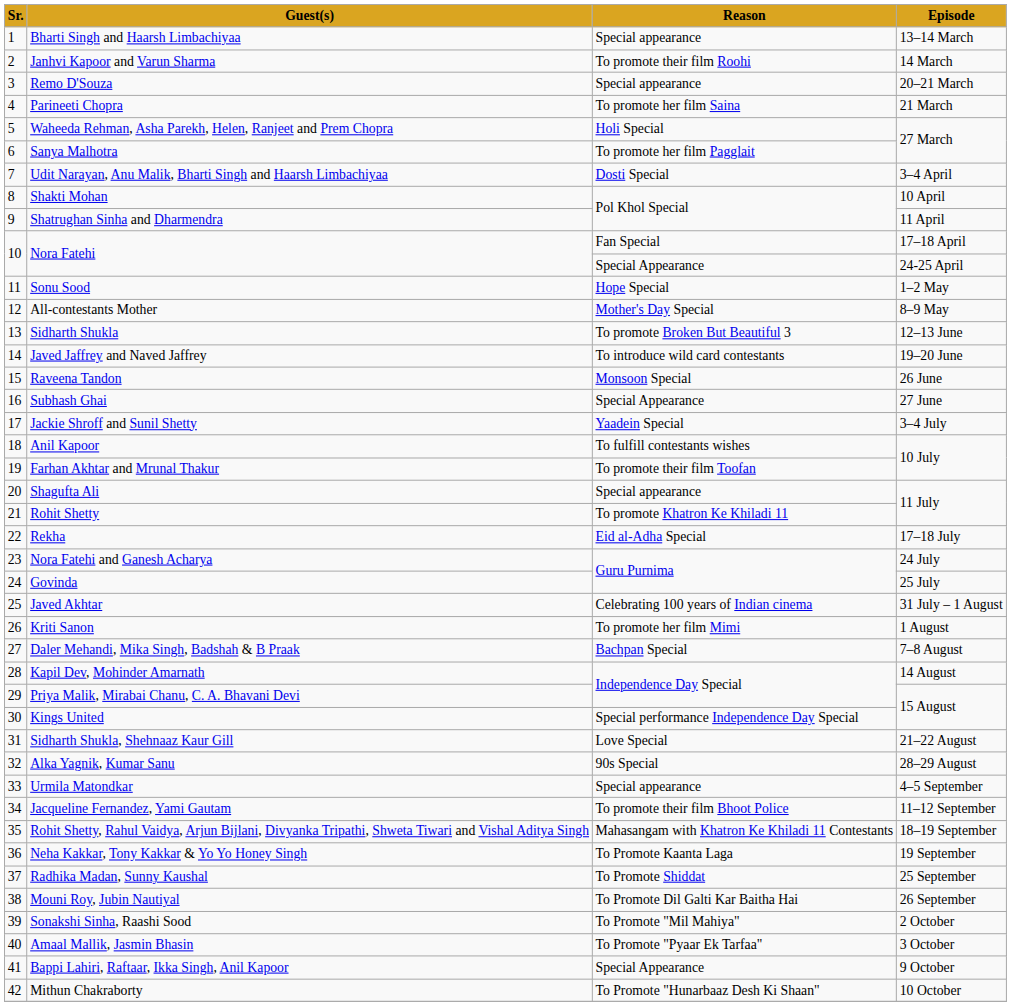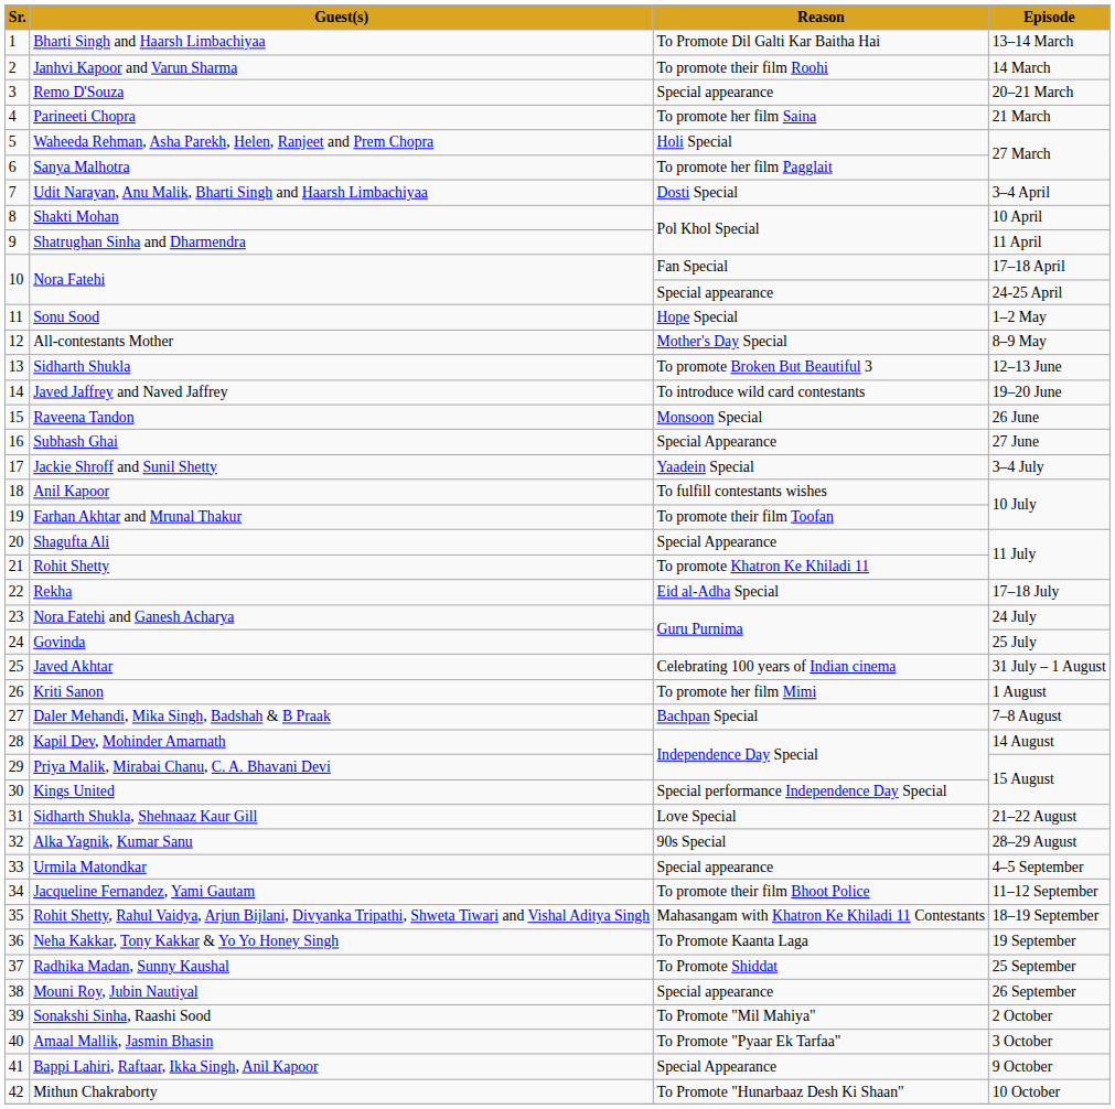 <table class="wikitable" style="font-size:85%;">
 <tr>
 <th style="background:#DAA520">Sr.</th>
 <th style="background:#DAA520">Guest(s)</th>
 <th style="background:#DAA520">Reason</th>
 <th style="background:#DAA520">Episode</th>
 </tr>
 <tr>
 <td>1</td>
 <td><a href='#'>Bharti Singh</a> and <a href='#'>Haarsh Limbachiyaa</a></td>
-<td>Special appearance</td>
+<td>To Promote Dil Galti Kar Baitha Hai</td>
 <td>13–14 March</td>
 </tr>
 <tr>
 <td>2</td>
 <td><a href='#'>Janhvi Kapoor</a> and <a href='#'>Varun Sharma</a></td>
 <td>To promote their film <a href='#'>Roohi</a></td>
 <td>14 March</td>
 </tr>
 <tr>
 <td>3</td>
 <td><a href='#'>Remo D'Souza</a></td>
 <td>Special appearance</td>
 <td>20–21 March</td>
 </tr>
 <tr>
 <td>4</td>
 <td><a href='#'>Parineeti Chopra</a></td>
 <td>To promote her film <a href='#'>Saina</a></td>
 <td>21 March</td>
 </tr>
 <tr>
 <td>5</td>
 <td><a href='#'>Waheeda Rehman</a>, <a href='#'>Asha Parekh</a>, <a href='#'>Helen</a>, <a href='#'>Ranjeet</a> and <a href='#'>Prem Chopra</a></td>
 <td><a href='#'>Holi</a> Special</td>
 <td rowspan=2>27 March</td>
 </tr>
 <tr>
 <td>6</td>
 <td><a href='#'>Sanya Malhotra</a></td>
 <td>To promote her film <a href='#'>Pagglait</a></td>
 </tr>
 <tr>
 <td>7</td>
 <td><a href='#'>Udit Narayan</a>, <a href='#'>Anu Malik</a>, <a href='#'>Bharti Singh</a> and <a href='#'>Haarsh Limbachiyaa</a></td>
 <td><a href='#'>Dosti</a> Special</td>
 <td>3–4 April</td>
 </tr>
 <tr>
 <td>8</td>
 <td><a href='#'>Shakti Mohan</a></td>
 <td rowspan=2>Pol Khol Special</td>
 <td>10 April</td>
 </tr>
 <tr>
 <td>9</td>
 <td><a href='#'>Shatrughan Sinha</a> and <a href='#'>Dharmendra</a></td>
 <td>11 April</td>
 </tr>
 <tr>
 <td rowspan="2">10</td>
 <td rowspan="2"><a href='#'>Nora Fatehi</a></td>
 <td>Fan Special</td>
 <td>17–18 April</td>
 </tr>
 <tr>
-<td>Special Appearance</td>
+<td>Special appearance</td>
 <td>24-25 April</td>
 </tr>
 <tr>
 <td>11</td>
 <td><a href='#'>Sonu Sood</a></td>
 <td><a href='#'>Hope</a> Special</td>
 <td>1–2 May</td>
 </tr>
 <tr>
 <td>12</td>
 <td>All-contestants Mother</td>
 <td><a href='#'>Mother's Day</a> Special</td>
 <td>8–9 May</td>
 </tr>
 <tr>
 <td>13</td>
 <td><a href='#'>Sidharth Shukla</a></td>
 <td>To promote <a href='#'>Broken But Beautiful</a> 3</td>
 <td>12–13 June</td>
 </tr>
 <tr>
 <td>14</td>
 <td><a href='#'>Javed Jaffrey</a> and Naved Jaffrey</td>
 <td>To introduce wild card contestants</td>
 <td>19–20 June</td>
 </tr>
 <tr>
 <td>15</td>
 <td><a href='#'>Raveena Tandon</a></td>
 <td><a href='#'>Monsoon</a> Special</td>
 <td>26 June</td>
 </tr>
 <tr>
 <td>16</td>
 <td><a href='#'>Subhash Ghai</a></td>
 <td>Special Appearance</td>
 <td>27 June</td>
 </tr>
 <tr>
 <td>17</td>
 <td><a href='#'>Jackie Shroff</a> and <a href='#'>Sunil Shetty</a></td>
 <td><a href='#'>Yaadein</a> Special</td>
 <td>3–4 July</td>
 </tr>
 <tr>
 <td>18</td>
 <td><a href='#'>Anil Kapoor</a></td>
 <td>To fulfill contestants wishes</td>
 <td rowspan=2>10 July</td>
 </tr>
 <tr>
 <td>19</td>
 <td><a href='#'>Farhan Akhtar</a> and <a href='#'>Mrunal Thakur</a></td>
 <td>To promote their film <a href='#'>Toofan</a></td>
 </tr>
 <tr>
 <td>20</td>
 <td><a href='#'>Shagufta Ali</a></td>
-<td>Special appearance</td>
+<td>Special Appearance</td>
 <td rowspan=2>11 July</td>
 </tr>
 <tr>
 <td>21</td>
 <td><a href='#'>Rohit Shetty</a></td>
 <td>To promote <a href='#'>Khatron Ke Khiladi 11</a></td>
 </tr>
 <tr>
 <td>22</td>
 <td><a href='#'>Rekha</a></td>
 <td><a href='#'>Eid al-Adha</a> Special</td>
 <td>17–18 July</td>
 </tr>
 <tr>
 <td>23</td>
 <td><a href='#'>Nora Fatehi</a> and <a href='#'>Ganesh Acharya</a></td>
 <td rowspan=2><a href='#'>Guru Purnima</a></td>
 <td>24 July</td>
 </tr>
 <tr>
 <td>24</td>
 <td><a href='#'>Govinda</a></td>
 <td>25 July</td>
 </tr>
 <tr>
 <td>25</td>
 <td><a href='#'>Javed Akhtar</a></td>
 <td>Celebrating 100 years of <a href='#'>Indian cinema</a></td>
 <td>31 July – 1 August</td>
 </tr>
 <tr>
 <td>26</td>
 <td><a href='#'>Kriti Sanon</a></td>
 <td>To promote her film <a href='#'>Mimi</a></td>
 <td>1 August</td>
 </tr>
 <tr>
 <td>27</td>
 <td><a href='#'>Daler Mehandi</a>, <a href='#'>Mika Singh</a>, <a href='#'>Badshah</a> & <a href='#'>B Praak</a></td>
 <td><a href='#'>Bachpan</a> Special</td>
 <td>7–8 August</td>
 </tr>
 <tr>
 <td>28</td>
 <td><a href='#'>Kapil Dev</a>, <a href='#'>Mohinder Amarnath</a></td>
 <td rowspan=2><a href='#'>Independence Day</a> Special</td>
 <td>14 August</td>
 </tr>
 <tr>
 <td>29</td>
 <td><a href='#'>Priya Malik</a>, <a href='#'>Mirabai Chanu</a>, <a href='#'>C. A. Bhavani Devi</a></td>
 <td rowspan=2>15 August</td>
 </tr>
 <tr>
 <td>30</td>
 <td><a href='#'>Kings United</a></td>
 <td>Special performance <a href='#'>Independence Day</a> Special</td>
 </tr>
 <tr>
 <td>31</td>
 <td><a href='#'>Sidharth Shukla</a>, <a href='#'>Shehnaaz Kaur Gill</a></td>
 <td>Love Special</td>
 <td>21–22 August</td>
 </tr>
 <tr>
 <td>32</td>
 <td><a href='#'>Alka Yagnik</a>, <a href='#'>Kumar Sanu</a></td>
 <td>90s Special</td>
 <td>28–29 August</td>
 </tr>
 <tr>
 <td>33</td>
 <td><a href='#'>Urmila Matondkar</a></td>
 <td>Special appearance</td>
 <td>4–5 September</td>
 </tr>
 <tr>
 <td>34</td>
 <td><a href='#'>Jacqueline Fernandez</a>, <a href='#'>Yami Gautam</a></td>
 <td>To promote their film <a href='#'>Bhoot Police</a></td>
 <td>11–12 September</td>
 </tr>
 <tr>
 <td>35</td>
 <td><a href='#'>Rohit Shetty</a>, <a href='#'>Rahul Vaidya</a>, <a href='#'>Arjun Bijlani</a>, <a href='#'>Divyanka Tripathi</a>, <a href='#'>Shweta Tiwari</a> and <a href='#'>Vishal Aditya Singh</a></td>
 <td>Mahasangam with <a href='#'>Khatron Ke Khiladi 11</a> Contestants</td>
 <td>18–19 September</td>
 </tr>
 <tr>
 <td>36</td>
 <td><a href='#'>Neha Kakkar</a>, <a href='#'>Tony Kakkar</a> & <a href='#'>Yo Yo Honey Singh</a></td>
 <td>To Promote Kaanta Laga</td>
 <td>19 September</td>
 </tr>
 <tr>
 <td>37</td>
 <td><a href='#'>Radhika Madan</a>, <a href='#'>Sunny Kaushal</a></td>
 <td>To Promote <a href='#'>Shiddat</a></td>
 <td>25 September</td>
 </tr>
 <tr>
 <td>38</td>
 <td><a href='#'>Mouni Roy</a>, <a href='#'>Jubin Nautiyal</a></td>
-<td>To Promote Dil Galti Kar Baitha Hai</td>
+<td>Special appearance</td>
 <td>26 September</td>
 </tr>
 <tr>
 <td>39</td>
 <td><a href='#'>Sonakshi Sinha</a>, Raashi Sood</td>
 <td>To Promote "Mil Mahiya"</td>
 <td>2 October</td>
 </tr>
 <tr>
 <td>40</td>
 <td><a href='#'>Amaal Mallik</a>, <a href='#'>Jasmin Bhasin</a></td>
 <td>To Promote "Pyaar Ek Tarfaa"</td>
 <td>3 October</td>
 </tr>
 <tr>
 <td>41</td>
 <td><a href='#'>Bappi Lahiri</a>, <a href='#'>Raftaar</a>, <a href='#'>Ikka Singh</a>, <a href='#'>Anil Kapoor</a></td>
 <td>Special Appearance</td>
 <td>9 October</td>
 </tr>
 <tr>
 <td>42</td>
 <td>Mithun Chakraborty</td>
 <td>To Promote "Hunarbaaz Desh Ki Shaan"</td>
 <td>10 October</td>
 </tr>
 <tr>
 </tr>
 </table>
